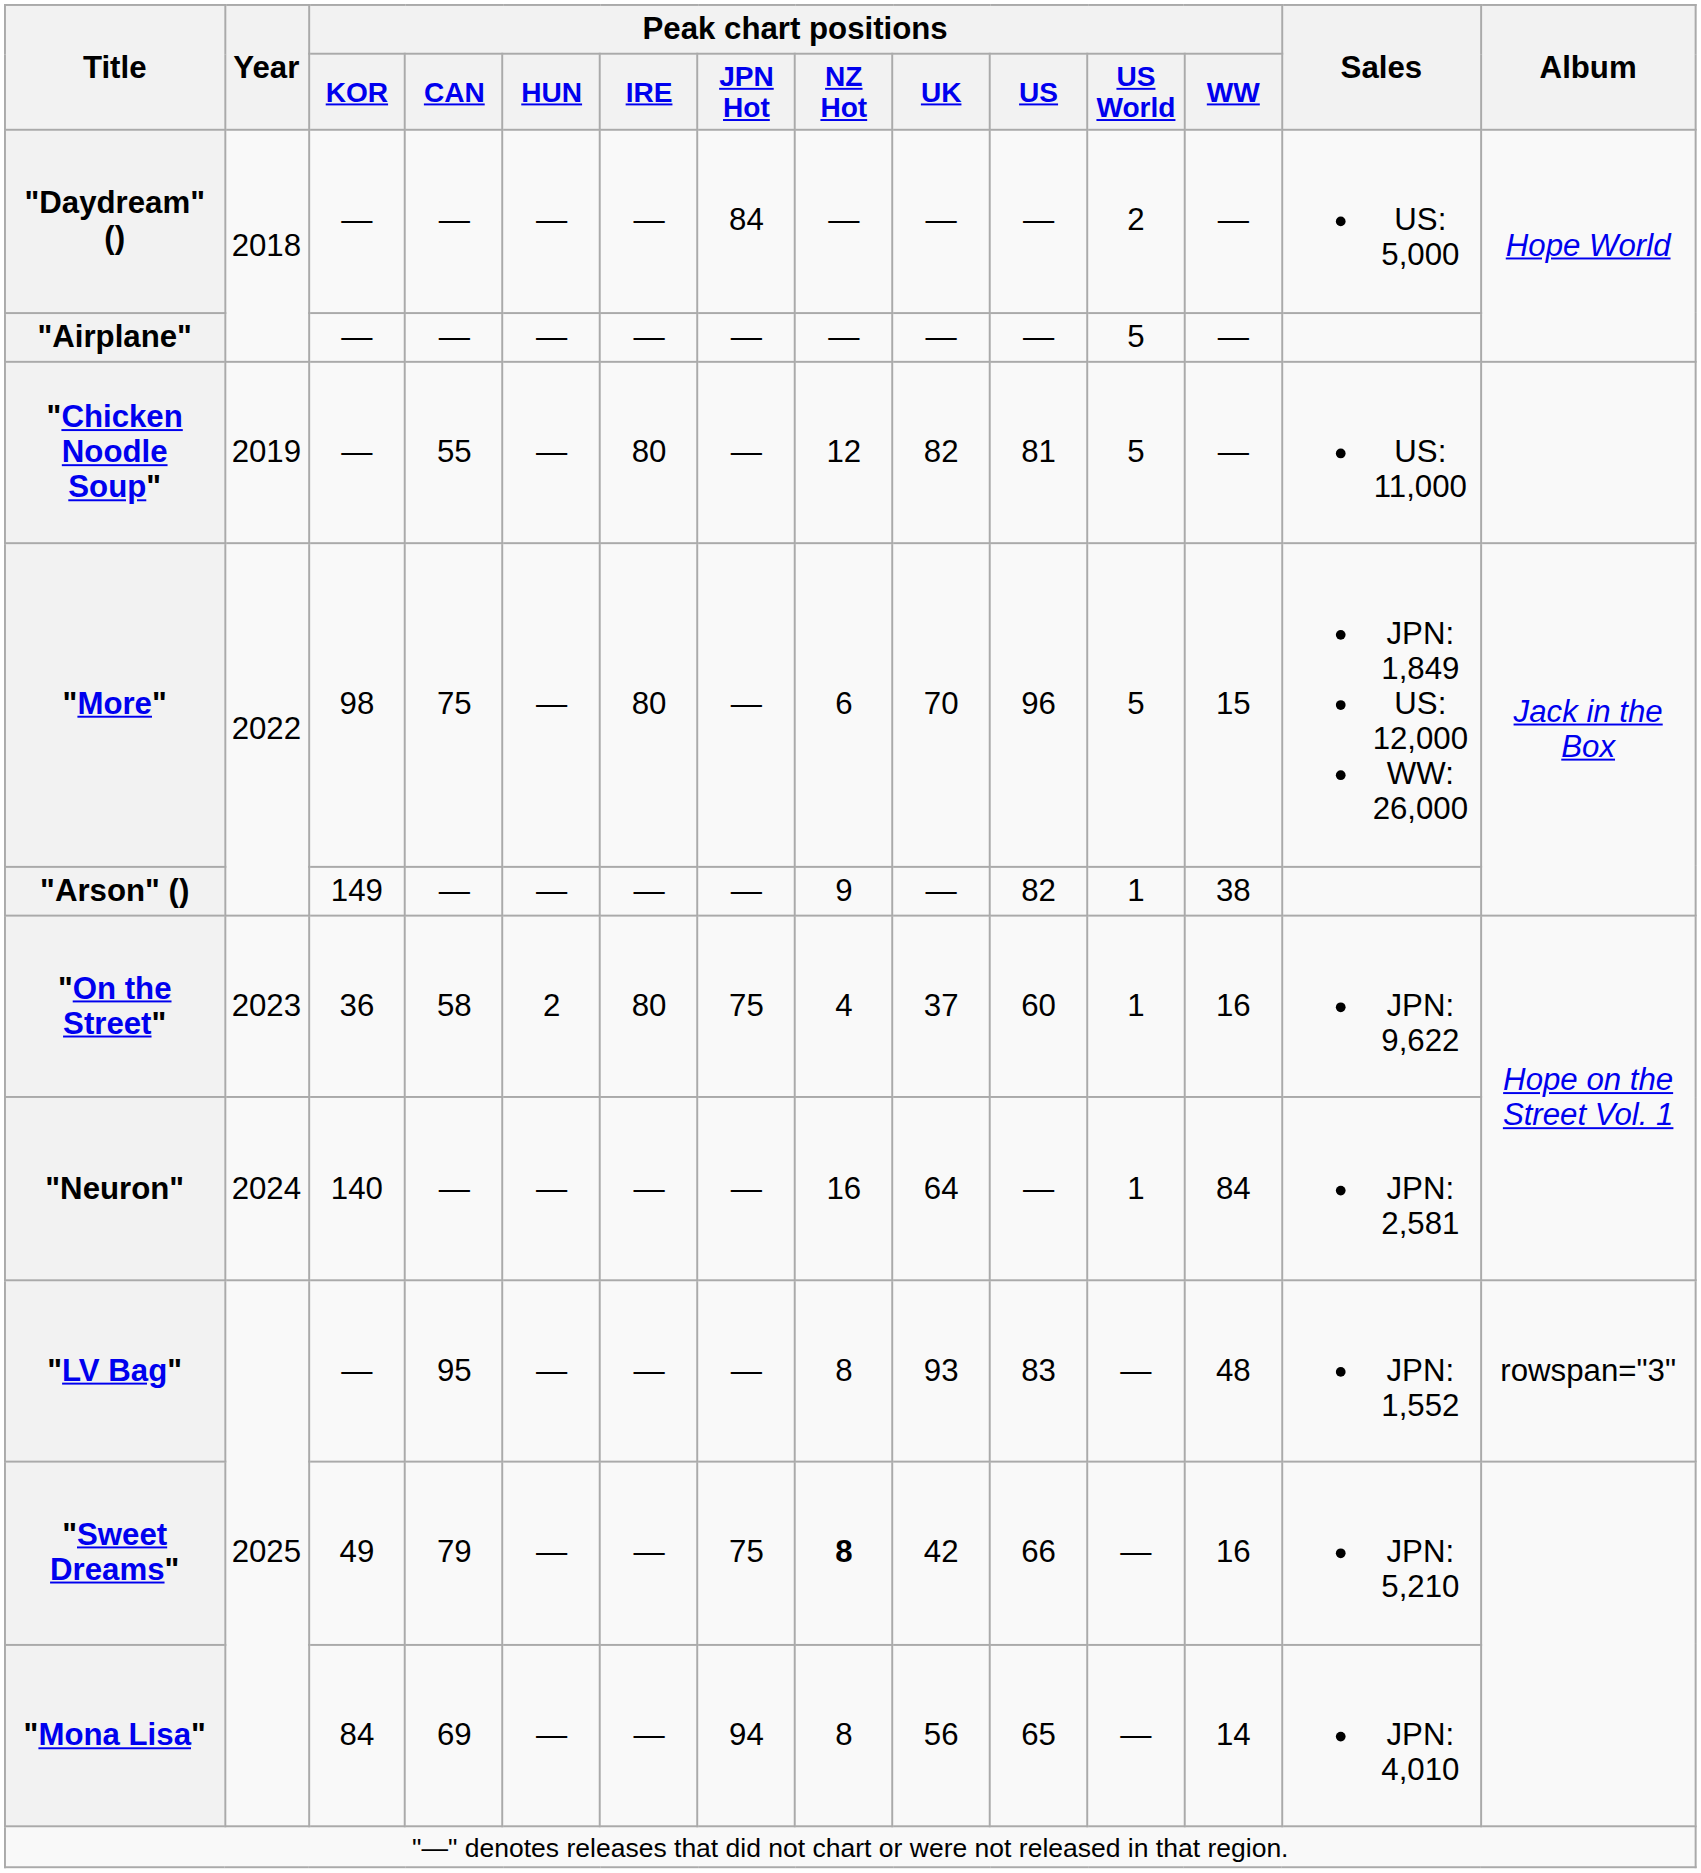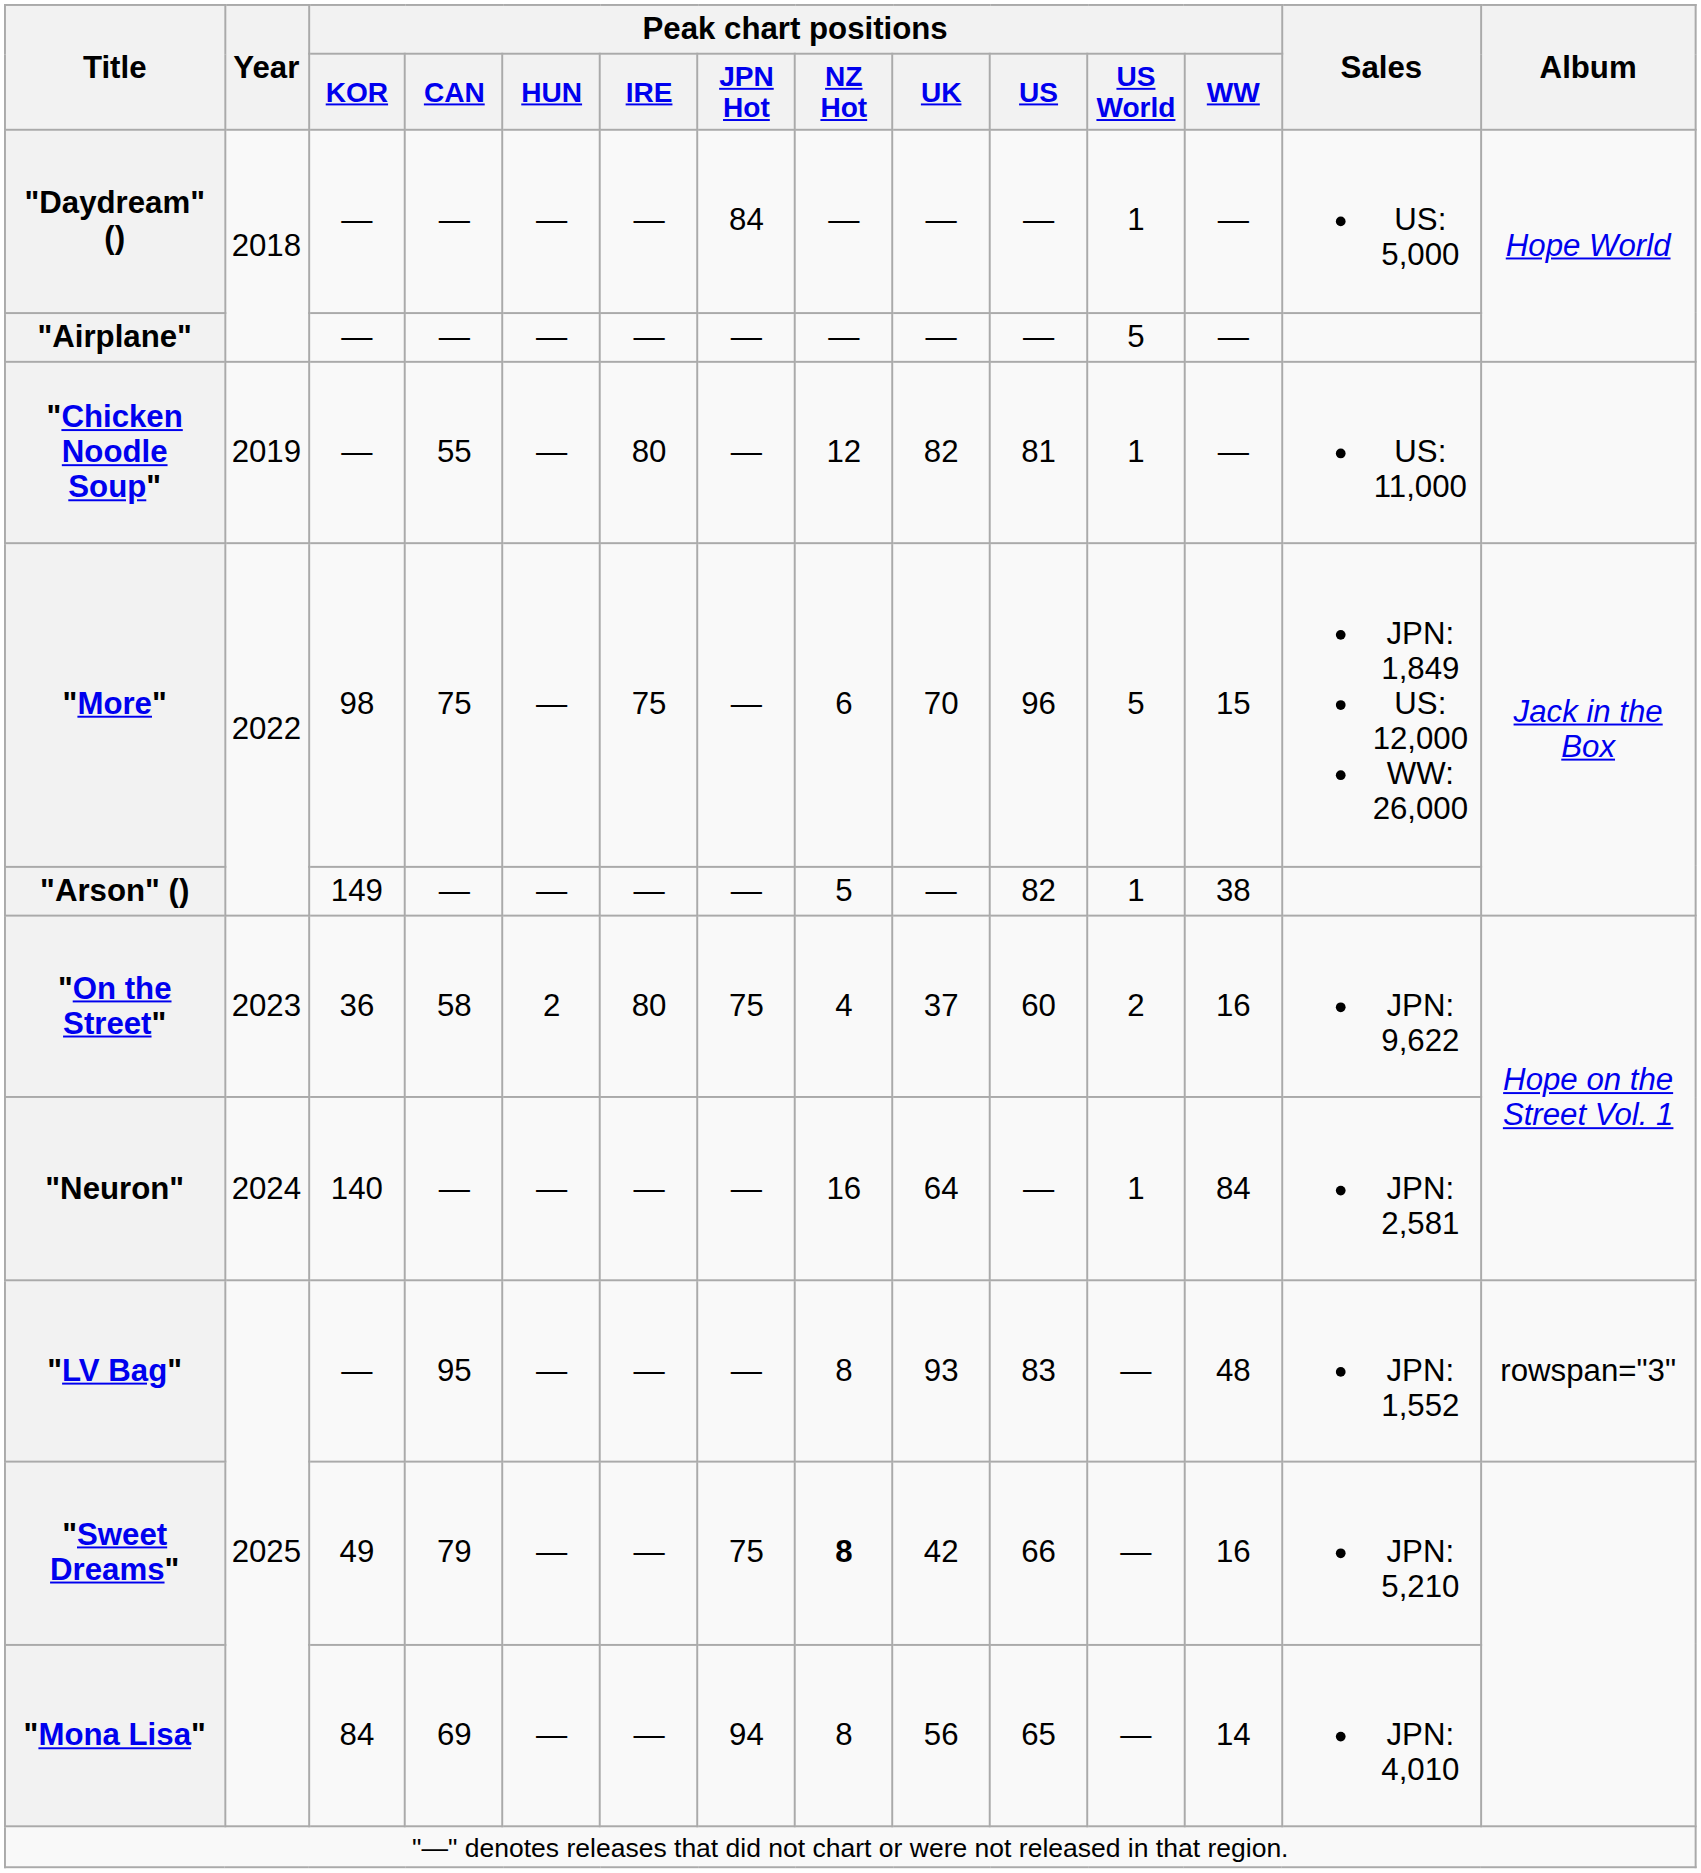 <table class="wikitable plainrowheaders" style="text-align:center;">
 <tr>
 <th scope="col" rowspan="2">Title</th>
 <th scope="col" rowspan="2">Year</th>
 <th scope="col" colspan="10">Peak chart positions</th>
 <th scope="col" rowspan="2">Sales</th>
 <th scope="col" rowspan="2">Album</th>
 </tr>
 <tr>
 <th scope="col" style="width:3em;font-size:90%;"><a href='#'>KOR</a><br></th>
 <th scope="col" style="width:3em;font-size:90%;"><a href='#'>CAN</a><br></th>
 <th scope="col" style="width:3em;font-size:90%;"><a href='#'>HUN</a><br></th>
 <th scope="col" style="width:3em;font-size:90%;"><a href='#'>IRE</a><br></th>
 <th scope="col" style="width:3em;font-size:90%;"><a href='#'>JPN<br>Hot</a><br></th>
 <th scope="col" style="width:3em;font-size:90%;"><a href='#'>NZ<br>Hot</a><br></th>
 <th scope="col" style="width:3em;font-size:90%;"><a href='#'>UK</a><br></th>
 <th scope="col" style="width:3em;font-size:90%;"><a href='#'>US</a><br></th>
 <th scope="col" style="width:3em;font-size:90%;"><a href='#'>US World</a><br></th>
 <th scope="col" style="width:3em;font-size:90%;"><a href='#'>WW</a><br></th>
 </tr>
 <tr>
 <th scope="row">"Daydream" ()</th>
 <td rowspan="2">2018</td>
 <td>—</td>
 <td>—</td>
 <td>—</td>
 <td>—</td>
 <td>84</td>
 <td>—</td>
 <td>—</td>
 <td>—</td>
-<td>2</td>
+<td>1</td>
 <td>—</td>
 <td><br><ul><li>US: 5,000</li></ul></td>
 <td rowspan="2"><em><a href='#'>Hope World</a></em></td>
 </tr>
 <tr>
 <th scope="row">"Airplane"</th>
 <td>—</td>
 <td>—</td>
 <td>—</td>
 <td>—</td>
 <td>—</td>
 <td>—</td>
 <td>—</td>
 <td>—</td>
 <td>5</td>
 <td>—</td>
 <td></td>
 </tr>
 <tr>
 <th scope="row">"<a href='#'>Chicken Noodle Soup</a>"<br></th>
 <td>2019</td>
 <td>—</td>
 <td>55</td>
 <td>—</td>
 <td>80</td>
 <td>—</td>
 <td>12</td>
 <td>82</td>
 <td>81</td>
-<td>5</td>
+<td>1</td>
 <td>—</td>
 <td><br><ul><li>US: 11,000</li></ul></td>
 <td></td>
 </tr>
 <tr>
 <th scope="row">"<a href='#'>More</a>"</th>
 <td rowspan="2">2022</td>
 <td>98</td>
 <td>75</td>
 <td>—</td>
-<td>80</td>
+<td>75</td>
 <td>—</td>
 <td>6</td>
 <td>70</td>
 <td>96</td>
 <td>5</td>
 <td>15</td>
 <td><br><ul><li>JPN: 1,849 </li><li>US: 12,000</li><li>WW: 26,000</li></ul></td>
 <td rowspan="2"><em><a href='#'>Jack in the Box</a></em></td>
 </tr>
 <tr>
 <th scope="row">"Arson" ()</th>
 <td>149</td>
 <td>—</td>
 <td>—</td>
 <td>—</td>
 <td>—</td>
-<td>9</td>
+<td>5</td>
 <td>—</td>
 <td>82</td>
 <td>1</td>
 <td>38</td>
 <td></td>
 </tr>
 <tr>
 <th scope="row">"<a href='#'>On the Street</a>"<br></th>
 <td>2023</td>
 <td>36</td>
 <td>58</td>
 <td>2</td>
 <td>80</td>
 <td>75</td>
 <td>4</td>
 <td>37</td>
 <td>60</td>
-<td>1</td>
+<td>2</td>
 <td>16</td>
 <td><br><ul><li>JPN: 9,622 </li></ul></td>
 <td rowspan="2"><em><a href='#'>Hope on the Street Vol. 1</a></em></td>
 </tr>
 <tr>
 <th scope="row">"Neuron"<br></th>
 <td>2024</td>
 <td>140</td>
 <td>—</td>
 <td>—</td>
 <td>—</td>
 <td>—</td>
 <td>16</td>
 <td>64</td>
 <td>—</td>
 <td>1</td>
 <td>84</td>
 <td><br><ul><li>JPN: 2,581 </li></ul></td>
 </tr>
 <tr>
 <th scope="row">"<a href='#'>LV Bag</a>"<br></th>
 <td rowspan="3">2025</td>
 <td>—</td>
 <td>95</td>
 <td>—</td>
 <td>—</td>
 <td>—</td>
 <td>8</td>
 <td>93</td>
 <td>83</td>
 <td>—</td>
 <td>48</td>
 <td><br><ul><li>JPN: 1,552 </li></ul></td>
 <td>rowspan="3" </td>
 </tr>
 <tr>
 <th scope="row">"<a href='#'>Sweet Dreams</a>"<br></th>
 <td>49</td>
 <td>79</td>
 <td>—</td>
 <td>—</td>
 <td>75</td>
 <td><strong>8</strong></td>
 <td>42</td>
 <td>66</td>
 <td>—</td>
 <td>16</td>
 <td><br><ul><li>JPN: 5,210 </li></ul></td>
 </tr>
 <tr>
 <th scope="row">"<a href='#'>Mona Lisa</a>"</th>
 <td>84</td>
 <td>69</td>
 <td>—</td>
 <td>—</td>
 <td>94</td>
 <td>8</td>
 <td>56</td>
 <td>65</td>
 <td>—</td>
 <td>14</td>
 <td><br><ul><li>JPN: 4,010 </li></ul></td>
 </tr>
 <tr>
 <td colspan="14" style="font-size:85%">"—" denotes releases that did not chart or were not released in that region.</td>
 </tr>
 </table>
